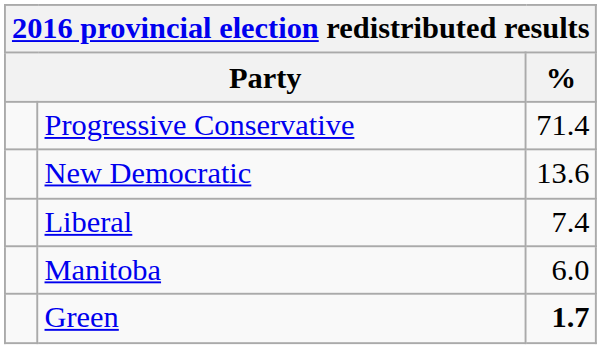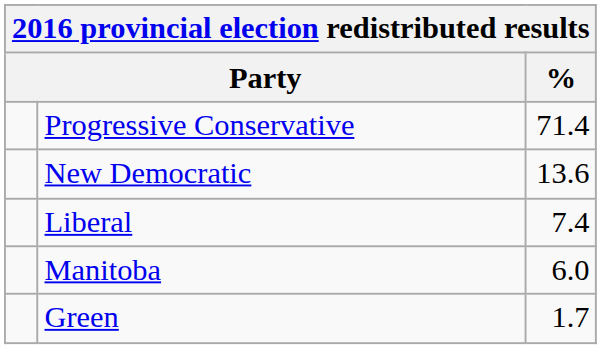 <table class="wikitable">
 <tr>
 <th colspan="4"><a href='#'>2016 provincial election</a> redistributed results</th>
 </tr>
 <tr>
 <th bgcolor="#DDDDFF" width="130px" colspan="2">Party</th>
 <th bgcolor="#DDDDFF" width="30px">%</th>
 </tr>
 <tr>
 <td> </td>
 <td><a href='#'>Progressive Conservative</a></td>
 <td align=right>71.4</td>
 </tr>
 <tr>
 <td> </td>
 <td><a href='#'>New Democratic</a></td>
 <td align=right>13.6</td>
 </tr>
 <tr>
 <td> </td>
 <td><a href='#'>Liberal</a></td>
 <td align=right>7.4</td>
 </tr>
 <tr>
 <td> </td>
 <td><a href='#'>Manitoba</a></td>
 <td align=right>6.0</td>
 </tr>
 <tr>
 <td> </td>
 <td><a href='#'>Green</a></td>
-<td align=right><strong>1.7</strong></td>
+<td align=right>1.7</td>
 </tr>
 </table>
